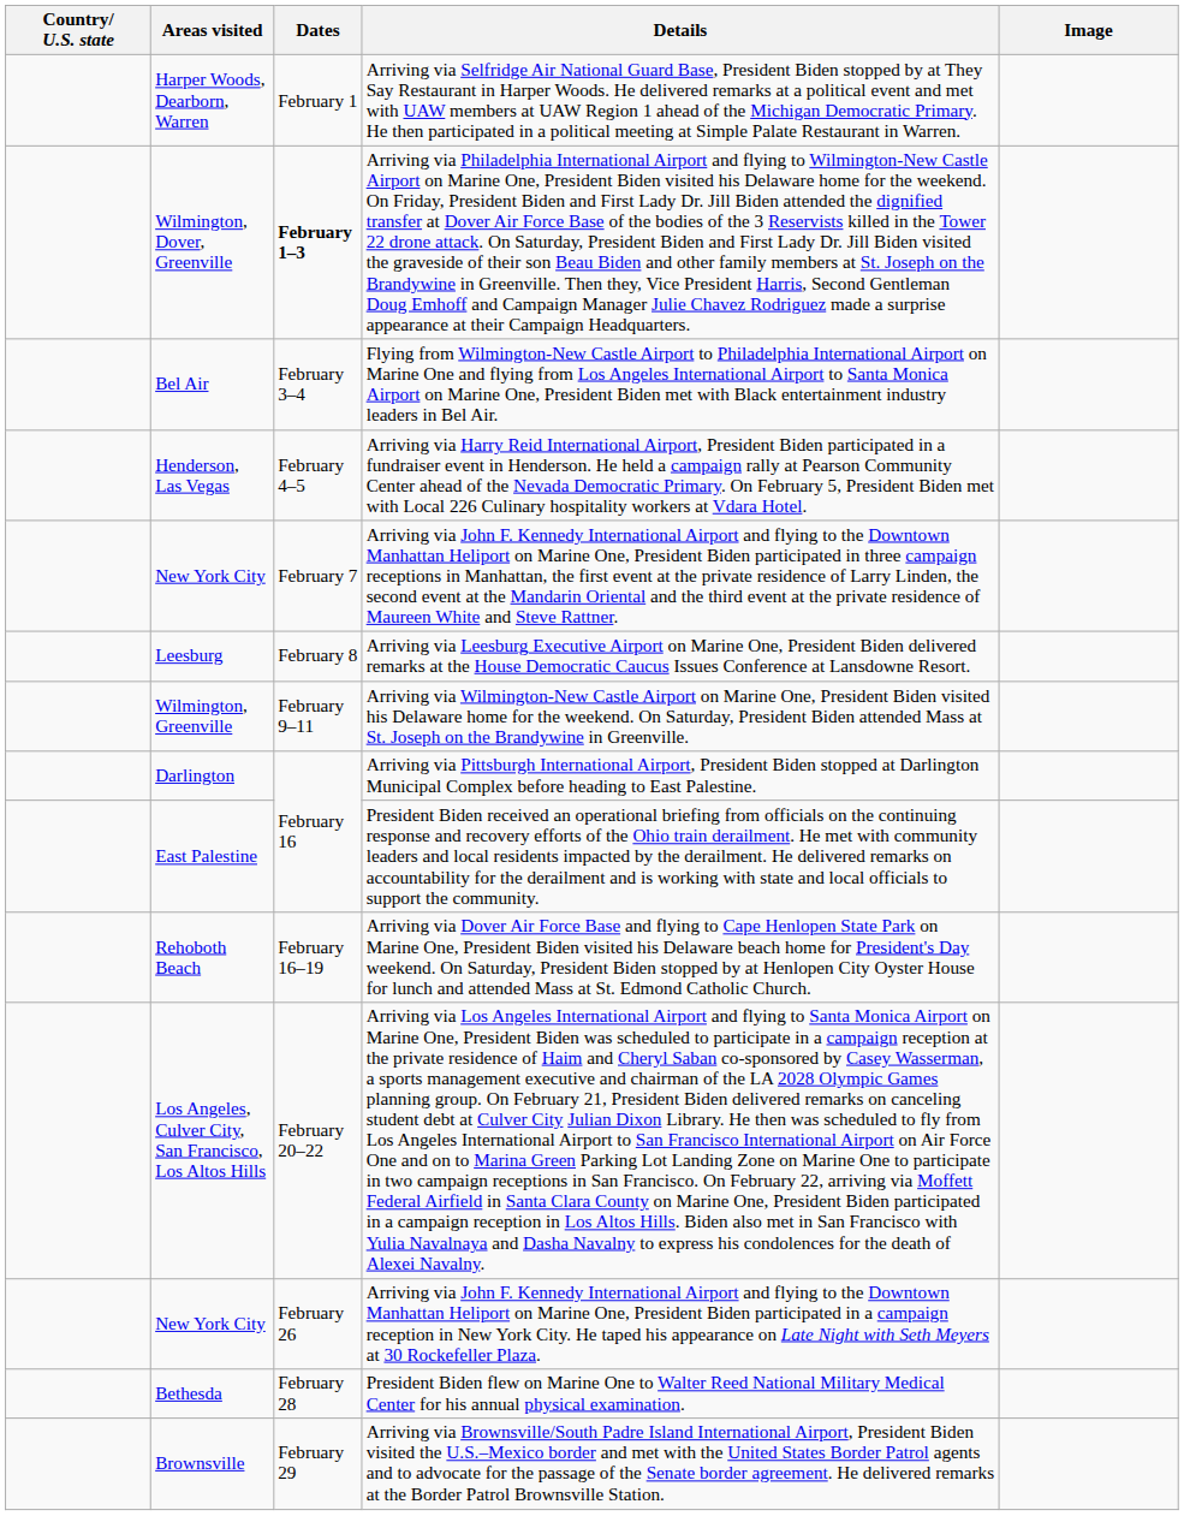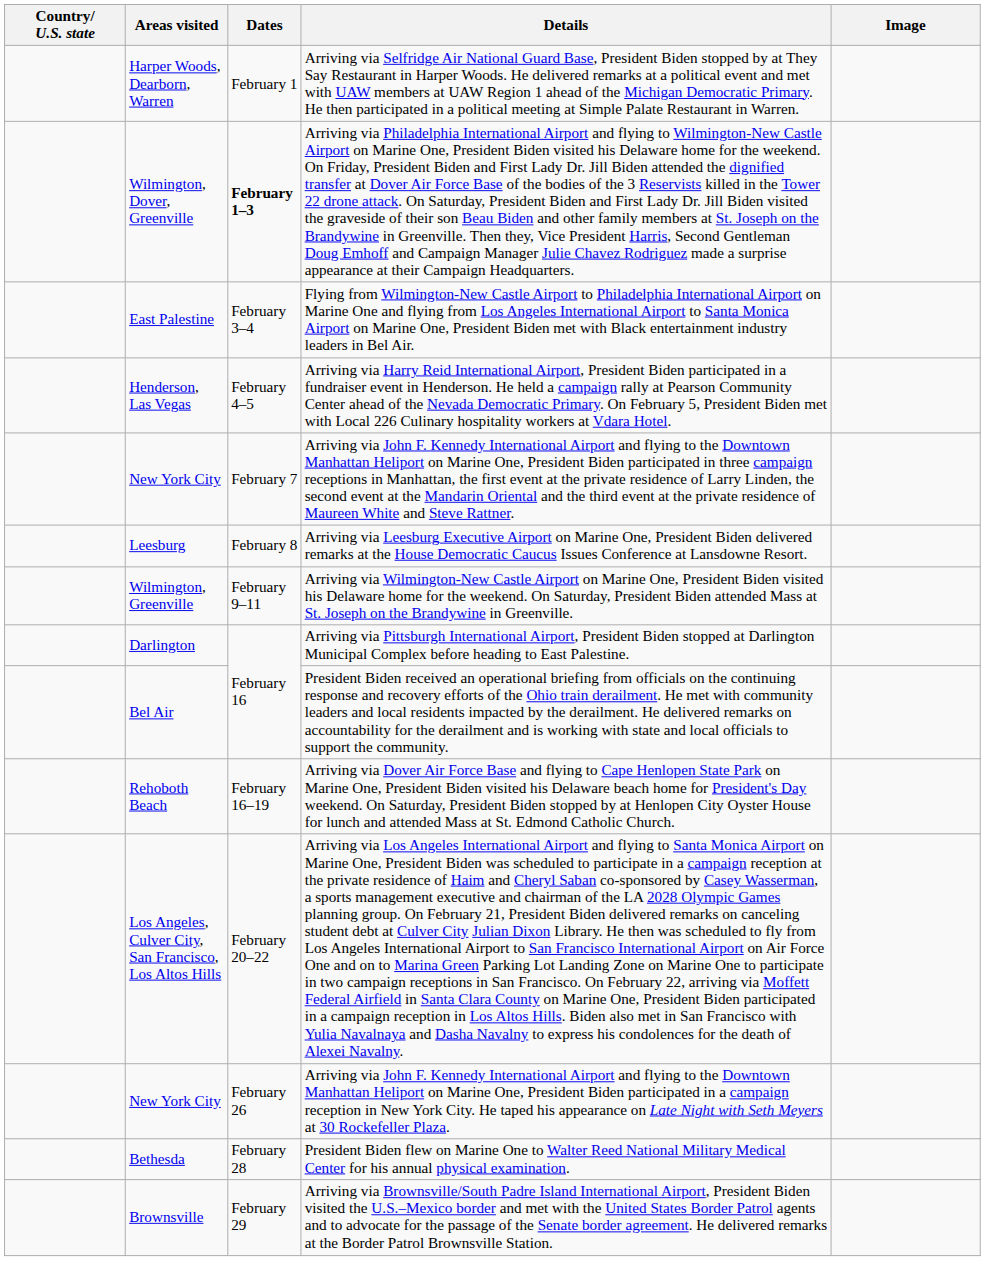 <table class="wikitable" style="margin: 1em auto 1em auto">
 <tr>
 <th width=120>Country/<br><em>U.S. state</em></th>
 <th width=100>Areas visited</th>
 <th width=70>Dates</th>
 <th width=550>Details</th>
 <th width=150>Image</th>
 </tr>
 <tr>
 <td></td>
 <td><a href='#'>Harper Woods</a>, <a href='#'>Dearborn</a>, <a href='#'>Warren</a></td>
 <td>February 1</td>
 <td>Arriving via <a href='#'>Selfridge Air National Guard Base</a>, President Biden stopped by at They Say Restaurant in Harper Woods. He delivered remarks at a political event and met with <a href='#'>UAW</a> members at UAW Region 1 ahead of the <a href='#'>Michigan Democratic Primary</a>. He then participated in a political meeting at Simple Palate Restaurant in Warren.</td>
 <td></td>
 </tr>
 <tr>
 <td></td>
 <td><a href='#'>Wilmington</a>, <a href='#'>Dover</a>, <a href='#'>Greenville</a></td>
 <td><strong>February 1–3</strong></td>
 <td>Arriving via <a href='#'>Philadelphia International Airport</a> and flying to <a href='#'>Wilmington-New Castle Airport</a> on Marine One, President Biden visited his Delaware home for the weekend. On Friday, President Biden and First Lady Dr. Jill Biden attended the <a href='#'>dignified transfer</a> at <a href='#'>Dover Air Force Base</a> of the bodies of the 3 <a href='#'>Reservists</a> killed in the <a href='#'>Tower 22 drone attack</a>. On Saturday, President Biden and First Lady Dr. Jill Biden visited the graveside of their son <a href='#'>Beau Biden</a> and other family members at <a href='#'>St. Joseph on the Brandywine</a> in Greenville. Then they, Vice President <a href='#'>Harris</a>, Second Gentleman <a href='#'>Doug Emhoff</a> and Campaign Manager <a href='#'>Julie Chavez Rodriguez</a> made a surprise appearance at their Campaign Headquarters.</td>
 <td></td>
 </tr>
 <tr>
 <td></td>
-<td><a href='#'>Bel Air</a></td>
+<td><a href='#'>East Palestine</a></td>
 <td>February 3–4</td>
 <td>Flying from <a href='#'>Wilmington-New Castle Airport</a> to <a href='#'>Philadelphia International Airport</a> on Marine One and flying from <a href='#'>Los Angeles International Airport</a> to <a href='#'>Santa Monica Airport</a> on Marine One, President Biden met with Black entertainment industry leaders in Bel Air.</td>
 <td></td>
 </tr>
 <tr>
 <td></td>
 <td><a href='#'>Henderson</a>, <a href='#'>Las Vegas</a></td>
 <td>February 4–5</td>
 <td>Arriving via <a href='#'>Harry Reid International Airport</a>, President Biden participated in a fundraiser event in Henderson. He held a <a href='#'>campaign</a> rally at Pearson Community Center ahead of the <a href='#'>Nevada Democratic Primary</a>. On February 5, President Biden met with Local 226 Culinary hospitality workers at <a href='#'>Vdara Hotel</a>.</td>
 <td></td>
 </tr>
 <tr>
 <td></td>
 <td><a href='#'>New York City</a></td>
 <td>February 7</td>
 <td>Arriving via <a href='#'>John F. Kennedy International Airport</a> and flying to the <a href='#'>Downtown Manhattan Heliport</a> on Marine One, President Biden participated in three <a href='#'>campaign</a> receptions in Manhattan, the first event at the private residence of Larry Linden, the second event at the <a href='#'>Mandarin Oriental</a> and the third event at the private residence of <a href='#'>Maureen White</a> and <a href='#'>Steve Rattner</a>.</td>
 <td></td>
 </tr>
 <tr>
 <td></td>
 <td><a href='#'>Leesburg</a></td>
 <td>February 8</td>
 <td>Arriving via <a href='#'>Leesburg Executive Airport</a> on Marine One, President Biden delivered remarks at the <a href='#'>House Democratic Caucus</a> Issues Conference at Lansdowne Resort.</td>
 <td></td>
 </tr>
 <tr>
 <td></td>
 <td><a href='#'>Wilmington</a>, <a href='#'>Greenville</a></td>
 <td>February 9–11</td>
 <td>Arriving via <a href='#'>Wilmington-New Castle Airport</a> on Marine One, President Biden visited his Delaware home for the weekend. On Saturday, President Biden attended Mass at <a href='#'>St. Joseph on the Brandywine</a> in Greenville.</td>
 <td></td>
 </tr>
 <tr>
 <td></td>
 <td><a href='#'>Darlington</a></td>
 <td rowspan="2">February 16</td>
 <td>Arriving via <a href='#'>Pittsburgh International Airport</a>, President Biden stopped at Darlington Municipal Complex before heading to East Palestine.</td>
 <td></td>
 </tr>
 <tr>
 <td></td>
-<td><a href='#'>East Palestine</a></td>
+<td><a href='#'>Bel Air</a></td>
 <td>President Biden received an operational briefing from officials on the continuing response and recovery efforts of the <a href='#'>Ohio train derailment</a>. He met with community leaders and local residents impacted by the derailment. He delivered remarks on accountability for the derailment and is working with state and local officials to support the community.</td>
 <td></td>
 </tr>
 <tr>
 <td></td>
 <td><a href='#'>Rehoboth Beach</a></td>
 <td>February 16–19</td>
 <td>Arriving via <a href='#'>Dover Air Force Base</a> and flying to <a href='#'>Cape Henlopen State Park</a> on Marine One, President Biden visited his Delaware beach home for <a href='#'>President's Day</a> weekend. On Saturday, President Biden stopped by at Henlopen City Oyster House for lunch and attended Mass at St. Edmond Catholic Church.</td>
 <td></td>
 </tr>
 <tr>
 <td></td>
 <td><a href='#'>Los Angeles</a>, <a href='#'>Culver City</a>, <a href='#'>San Francisco</a>, <a href='#'>Los Altos Hills</a></td>
 <td>February 20–22</td>
 <td>Arriving via <a href='#'>Los Angeles International Airport</a> and flying to <a href='#'>Santa Monica Airport</a> on Marine One, President Biden was scheduled to participate in a <a href='#'>campaign</a> reception at the private residence of <a href='#'>Haim</a> and <a href='#'>Cheryl Saban</a> co-sponsored by <a href='#'>Casey Wasserman</a>, a sports management executive and chairman of the LA <a href='#'>2028 Olympic Games</a> planning group. On February 21, President Biden delivered remarks on canceling student debt at <a href='#'>Culver City</a> <a href='#'>Julian Dixon</a> Library. He then was scheduled to fly from Los Angeles International Airport to <a href='#'>San Francisco International Airport</a> on Air Force One and on to <a href='#'>Marina Green</a> Parking Lot Landing Zone on Marine One to participate in two campaign receptions in San Francisco. On February 22, arriving via <a href='#'>Moffett Federal Airfield</a> in <a href='#'>Santa Clara County</a> on Marine One, President Biden participated in a campaign reception in <a href='#'>Los Altos Hills</a>. Biden also met in San Francisco with <a href='#'>Yulia Navalnaya</a> and <a href='#'>Dasha Navalny</a> to express his condolences for the death of <a href='#'>Alexei Navalny</a>.</td>
 <td></td>
 </tr>
 <tr>
 <td></td>
 <td><a href='#'>New York City</a></td>
 <td>February 26</td>
 <td>Arriving via <a href='#'>John F. Kennedy International Airport</a> and flying to the <a href='#'>Downtown Manhattan Heliport</a> on Marine One, President Biden participated in a <a href='#'>campaign</a> reception in New York City. He taped his appearance on <em><a href='#'>Late Night with Seth Meyers</a></em> at <a href='#'>30 Rockefeller Plaza</a>.</td>
 <td></td>
 </tr>
 <tr>
 <td></td>
 <td><a href='#'>Bethesda</a></td>
 <td>February 28</td>
 <td>President Biden flew on Marine One to <a href='#'>Walter Reed National Military Medical Center</a> for his annual <a href='#'>physical examination</a>.</td>
 <td></td>
 </tr>
 <tr>
 <td></td>
 <td><a href='#'>Brownsville</a></td>
 <td>February 29</td>
 <td>Arriving via <a href='#'>Brownsville/South Padre Island International Airport</a>, President Biden visited the <a href='#'>U.S.–Mexico border</a> and met with the <a href='#'>United States Border Patrol</a> agents and to advocate for the passage of the <a href='#'>Senate border agreement</a>. He delivered remarks at the Border Patrol Brownsville Station.</td>
 <td></td>
 </tr>
 </table>
